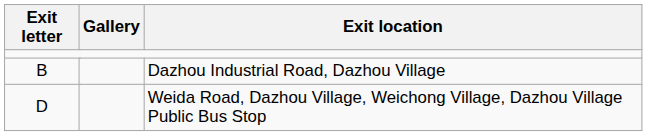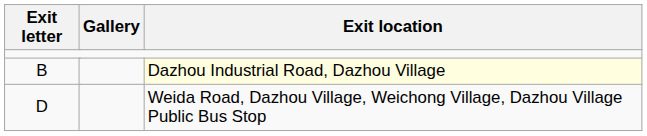 <table class="wikitable">
 <tr>
 <th colspan="2" style="width:70px">Exit letter</th>
 <th>Gallery</th>
 <th>Exit location</th>
 </tr>
 <tr style="background:#">
 <td colspan="4"></td>
 </tr>
 <tr>
 <td colspan="2" align="center">B</td>
 <td></td>
-<td>Dazhou Industrial Road, Dazhou Village</td>
+<td style="background: lightyellow;">Dazhou Industrial Road, Dazhou Village</td>
 </tr>
 <tr>
 <td colspan="2" align="center">D</td>
 <td></td>
 <td>Weida Road, Dazhou Village, Weichong Village, Dazhou Village Public Bus Stop</td>
 </tr>
 </table>
